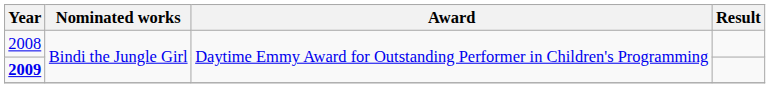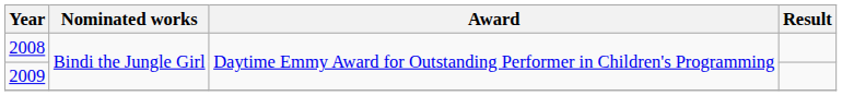 <table class="wikitable">
 <tr>
 <th>Year</th>
 <th>Nominated works</th>
 <th>Award</th>
 <th>Result</th>
 </tr>
 <tr>
 <td><a href='#'>2008</a></td>
 <td rowspan="2"><a href='#'>Bindi the Jungle Girl</a></td>
 <td rowspan="2"><a href='#'>Daytime Emmy Award for Outstanding Performer in Children's Programming</a></td>
 <td></td>
 </tr>
 <tr>
-<td><strong><a href='#'>2009</a></strong></td>
+<td><a href='#'>2009</a></td>
 <td></td>
 </tr>
 <tr>
 </tr>
 </table>
